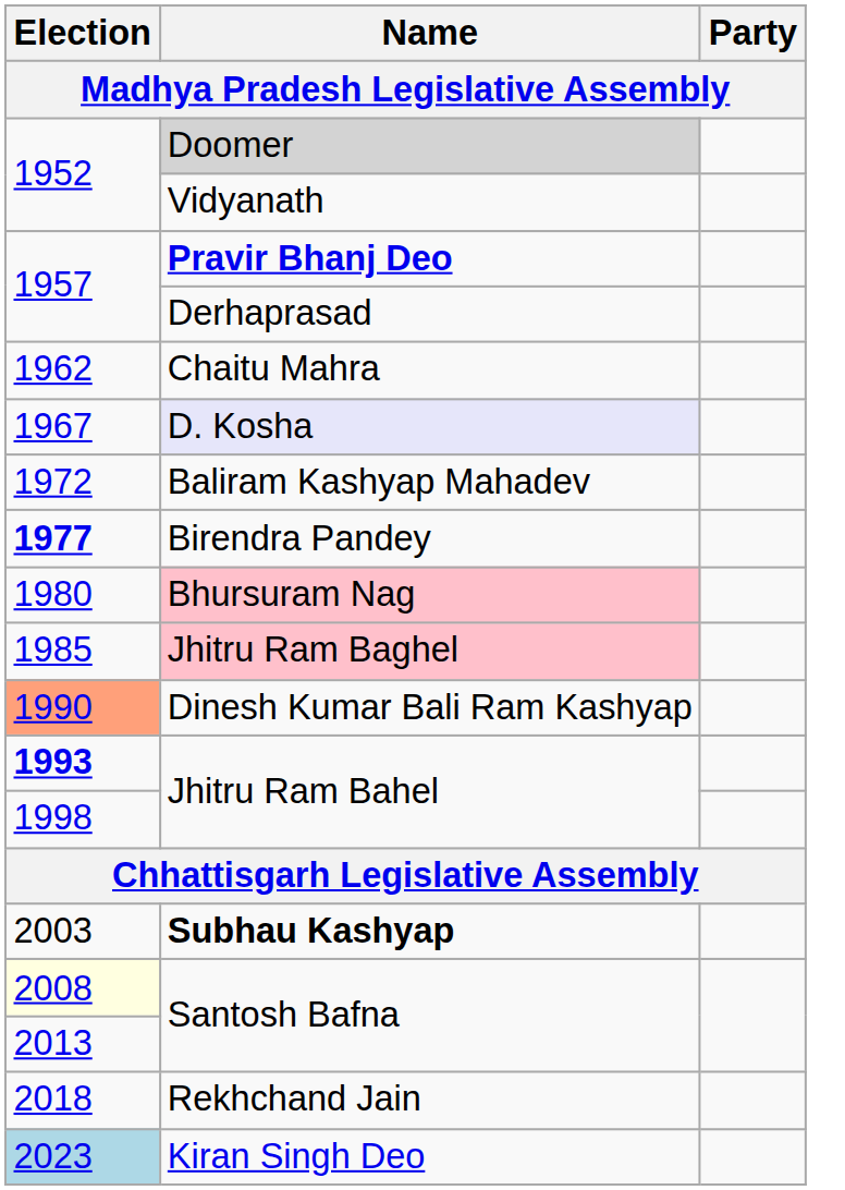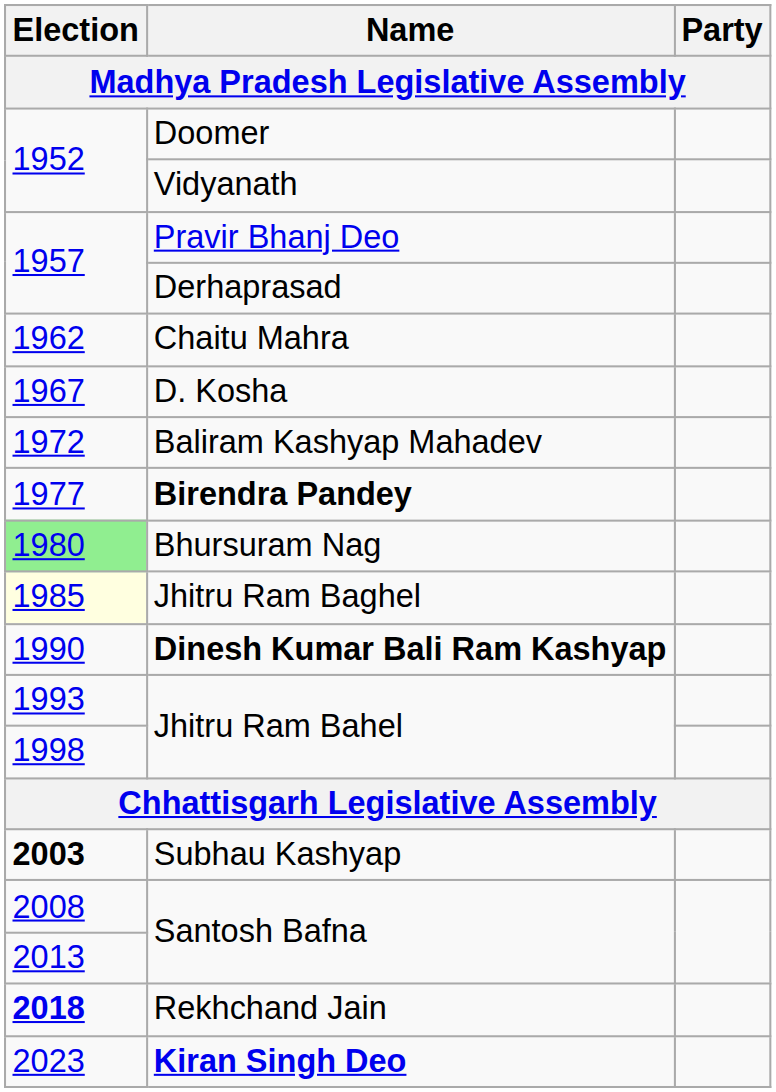 <table class="wikitable sortable">
 <tr>
 <th>Election</th>
 <th>Name</th>
 <th colspan="2">Party</th>
 </tr>
 <tr>
 <th colspan=4><a href='#'>Madhya Pradesh Legislative Assembly</a></th>
 </tr>
 <tr>
 <td rowspan="2"><a href='#'>1952</a></td>
-<td style="background: lightgrey;">Doomer</td>
+<td>Doomer</td>
 <td></td>
 </tr>
 <tr>
 <td>Vidyanath</td>
 </tr>
 <tr>
 <td rowspan="2"><a href='#'>1957</a></td>
-<td><strong><a href='#'>Pravir Bhanj Deo</a></strong></td>
+<td><a href='#'>Pravir Bhanj Deo</a></td>
 <td></td>
 </tr>
 <tr>
 <td>Derhaprasad</td>
 </tr>
 <tr>
 <td><a href='#'>1962</a></td>
 <td>Chaitu Mahra</td>
 <td></td>
 </tr>
 <tr>
 <td><a href='#'>1967</a></td>
-<td style="background: lavender;">D. Kosha</td>
+<td>D. Kosha</td>
 <td></td>
 </tr>
 <tr>
 <td><a href='#'>1972</a></td>
 <td>Baliram Kashyap Mahadev</td>
 </tr>
 <tr>
-<td><strong><a href='#'>1977</a></strong></td>
-<td>Birendra Pandey</td>
+<td><a href='#'>1977</a></td>
+<td><strong>Birendra Pandey</strong></td>
 <td></td>
 </tr>
 <tr>
-<td><a href='#'>1980</a></td>
-<td style="background: pink;">Bhursuram Nag</td>
+<td style="background: lightgreen;"><a href='#'>1980</a></td>
+<td>Bhursuram Nag</td>
 <td></td>
 </tr>
 <tr>
-<td><a href='#'>1985</a></td>
-<td style="background: pink;">Jhitru Ram Baghel</td>
+<td style="background: lightyellow;"><a href='#'>1985</a></td>
+<td>Jhitru Ram Baghel</td>
 <td></td>
 </tr>
 <tr>
-<td style="background: lightsalmon;"><a href='#'>1990</a></td>
-<td>Dinesh Kumar Bali Ram Kashyap</td>
+<td><a href='#'>1990</a></td>
+<td><strong>Dinesh Kumar Bali Ram Kashyap</strong></td>
 <td></td>
 </tr>
 <tr>
-<td><strong><a href='#'>1993</a></strong></td>
+<td><a href='#'>1993</a></td>
 <td rowspan="2">Jhitru Ram Bahel</td>
 <td></td>
 </tr>
 <tr>
 <td><a href='#'>1998</a></td>
 </tr>
 <tr>
 <th colspan=4><a href='#'>Chhattisgarh Legislative Assembly</a></th>
 </tr>
 <tr>
-<td>2003</td>
-<td><strong>Subhau Kashyap</strong></td>
+<td><strong>2003</strong></td>
+<td>Subhau Kashyap</td>
 <td></td>
 </tr>
 <tr>
-<td style="background: lightyellow;"><a href='#'>2008</a></td>
+<td><a href='#'>2008</a></td>
 <td rowspan=2>Santosh Bafna</td>
 </tr>
 <tr>
 <td><a href='#'>2013</a></td>
 </tr>
 <tr>
-<td><a href='#'>2018</a></td>
+<td><strong><a href='#'>2018</a></strong></td>
 <td>Rekhchand Jain</td>
 <td></td>
 </tr>
 <tr>
-<td style="background: lightblue;"><a href='#'>2023</a></td>
-<td><a href='#'>Kiran Singh Deo</a></td>
+<td><a href='#'>2023</a></td>
+<td><strong><a href='#'>Kiran Singh Deo</a></strong></td>
 <td></td>
 </tr>
 </table>
